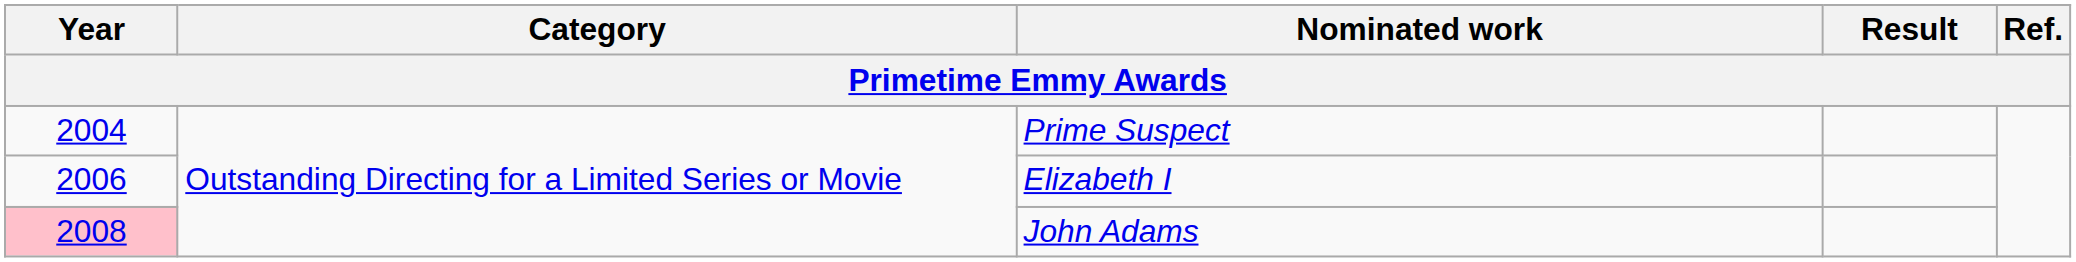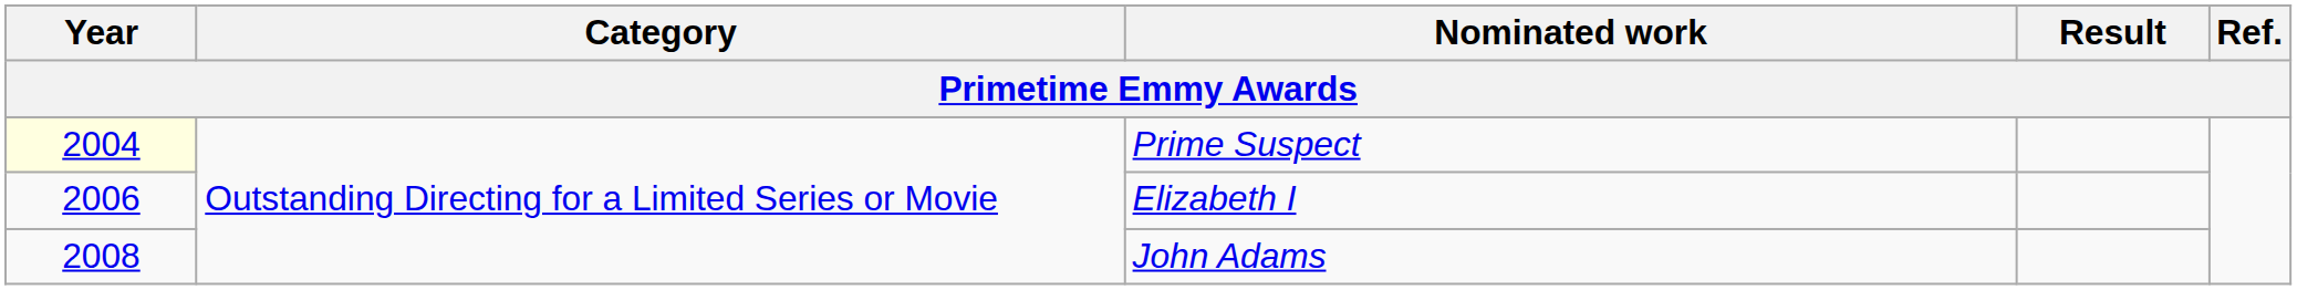 <table class=wikitable>
 <tr>
 <th scope="col" style="width:5em;">Year</th>
 <th scope="col" style="width:26em;">Category</th>
 <th scope="col" style="width:25em;">Nominated work</th>
 <th scope="col" style="width:5em;">Result</th>
 <th>Ref.</th>
 </tr>
 <tr>
 <th colspan=5><a href='#'>Primetime Emmy Awards</a></th>
 </tr>
 <tr>
-<td style="text-align:center;"><a href='#'>2004</a></td>
+<td style="background: lightyellow; text-align:center;"><a href='#'>2004</a></td>
 <td rowspan="3"><a href='#'>Outstanding Directing for a Limited Series or Movie</a></td>
 <td><em><a href='#'>Prime Suspect</a></em></td>
 <td></td>
 <td rowspan="3"></td>
 </tr>
 <tr>
 <td style="text-align:center;"><a href='#'>2006</a></td>
 <td><em><a href='#'>Elizabeth I</a></em></td>
 <td></td>
 </tr>
 <tr>
-<td style="background: pink; text-align:center;"><a href='#'>2008</a></td>
+<td style="text-align:center;"><a href='#'>2008</a></td>
 <td><em><a href='#'>John Adams</a></em></td>
 <td></td>
 </tr>
 </table>
